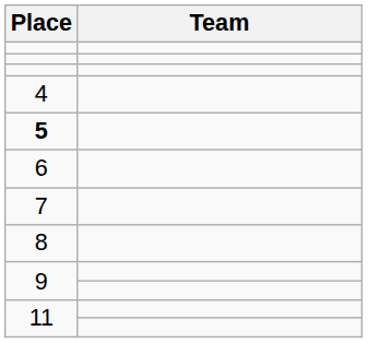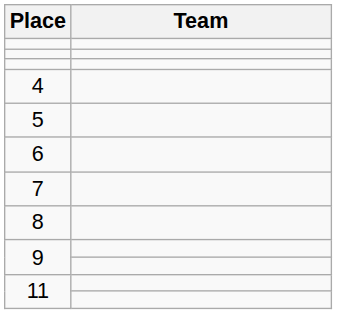 <table class="wikitable" style="text-align: center;">
 <tr>
 <th width=35>Place</th>
 <th width=185>Team</th>
 </tr>
 <tr>
 <td></td>
 <td style="text-align:left;"></td>
 </tr>
 <tr>
 <td></td>
 <td style="text-align:left;"></td>
 </tr>
 <tr>
 <td></td>
 <td style="text-align:left;"></td>
 </tr>
 <tr>
 <td>4</td>
 <td style="text-align:left;"></td>
 </tr>
 <tr>
-<td><strong>5</strong></td>
+<td>5</td>
 <td style="text-align:left;"></td>
 </tr>
 <tr>
 <td>6</td>
 <td style="text-align:left;"></td>
 </tr>
 <tr>
 <td>7</td>
 <td style="text-align:left;"></td>
 </tr>
 <tr>
 <td>8</td>
 <td style="text-align:left;"></td>
 </tr>
 <tr>
 <td rowspan=2>9</td>
 <td style="text-align:left;"></td>
 </tr>
 <tr>
 <td style="text-align:left;"></td>
 </tr>
 <tr>
 <td rowspan=2>11</td>
 <td style="text-align:left;"></td>
 </tr>
 <tr>
 <td style="text-align:left;"></td>
 </tr>
 </table>
